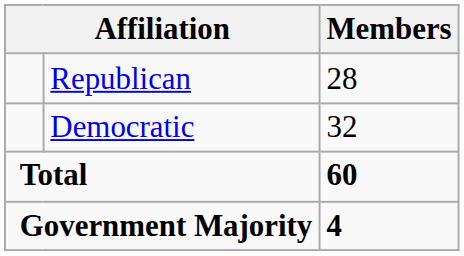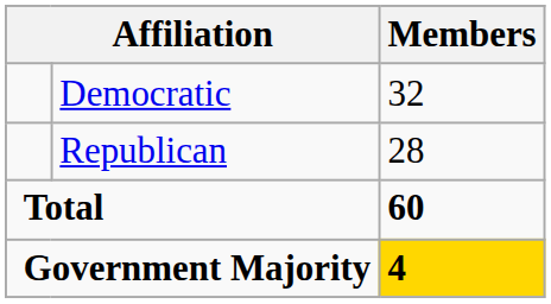 <table class="wikitable">
 <tr>
 <th colspan="2">Affiliation</th>
 <th>Members</th>
 </tr>
 <tr>
 <td style="background-color:"> </td>
-<td><a href='#'>Republican</a></td>
-<td>28</td>
+<td><a href='#'>Democratic</a></td>
+<td>32</td>
 </tr>
 <tr>
 <td style="background-color:"> </td>
-<td><a href='#'>Democratic</a></td>
-<td>32</td>
+<td><a href='#'>Republican</a></td>
+<td>28</td>
 </tr>
 <tr>
 <td colspan="2" rowspan="1"> <strong>Total</strong></td>
 <td><strong>60</strong></td>
 </tr>
 <tr>
 <td colspan="2" rowspan="1"> <strong>Government Majority</strong></td>
-<td><strong>4</strong></td>
+<td style="background: gold;"><strong>4</strong></td>
 </tr>
 </table>
